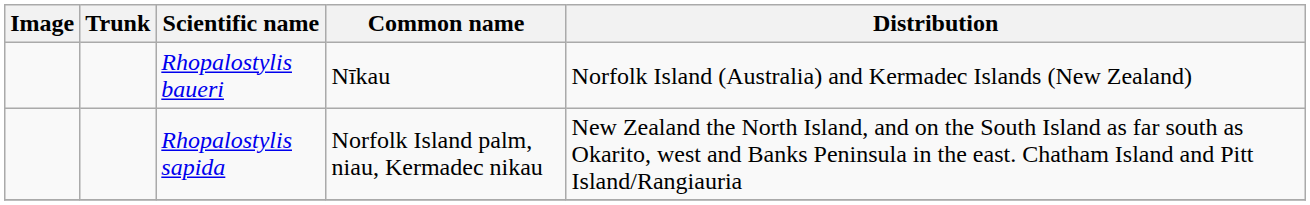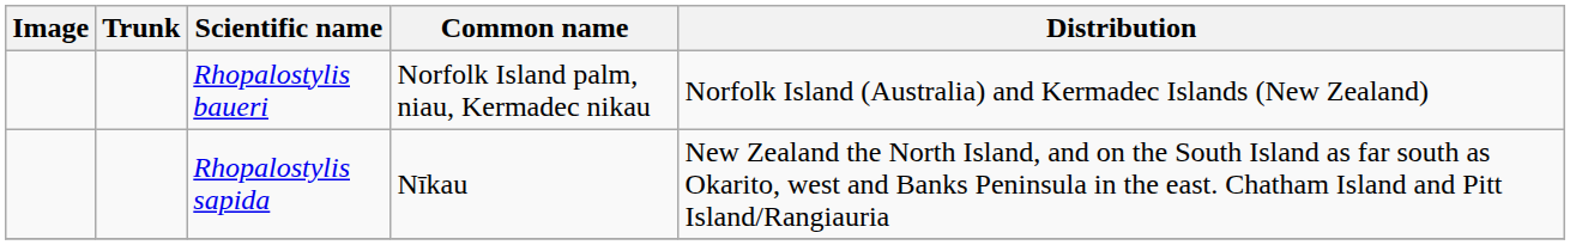 <table class="wikitable">
 <tr>
 <th>Image</th>
 <th>Trunk</th>
 <th>Scientific name</th>
 <th>Common name</th>
 <th>Distribution</th>
 </tr>
 <tr>
 <td></td>
 <td></td>
 <td><em><a href='#'>Rhopalostylis baueri</a></em></td>
-<td>Nīkau</td>
+<td>Norfolk Island palm, niau, Kermadec nikau</td>
 <td>Norfolk Island (Australia) and Kermadec Islands (New Zealand)</td>
 </tr>
 <tr>
 <td></td>
 <td></td>
 <td><em><a href='#'>Rhopalostylis sapida</a></em></td>
-<td>Norfolk Island palm, niau, Kermadec nikau</td>
+<td>Nīkau</td>
 <td>New Zealand the North Island, and on the South Island as far south as Okarito, west and Banks Peninsula in the east. Chatham Island and Pitt Island/Rangiauria</td>
 </tr>
 <tr>
 </tr>
 </table>
